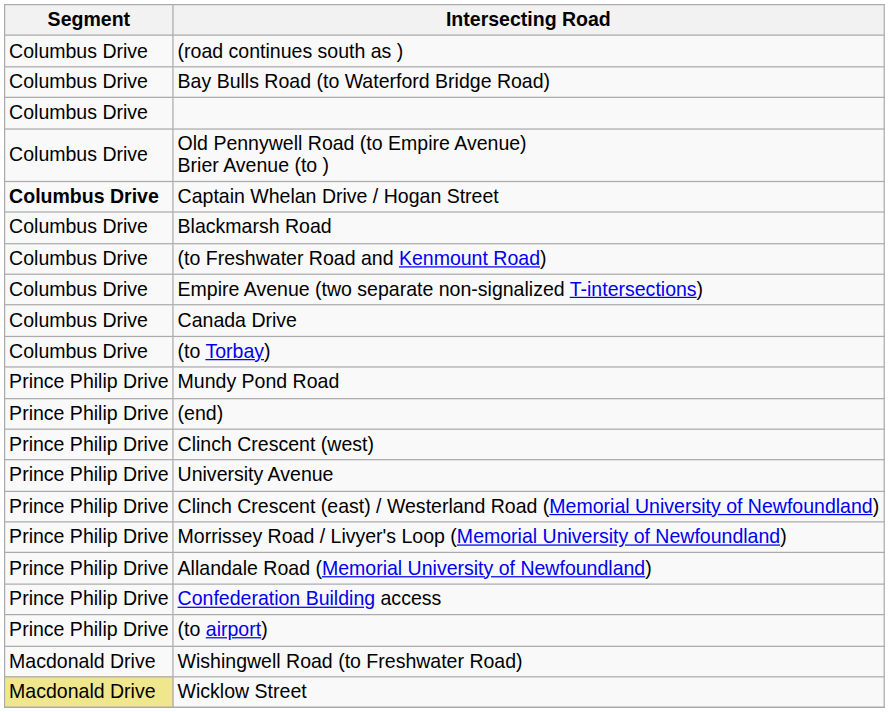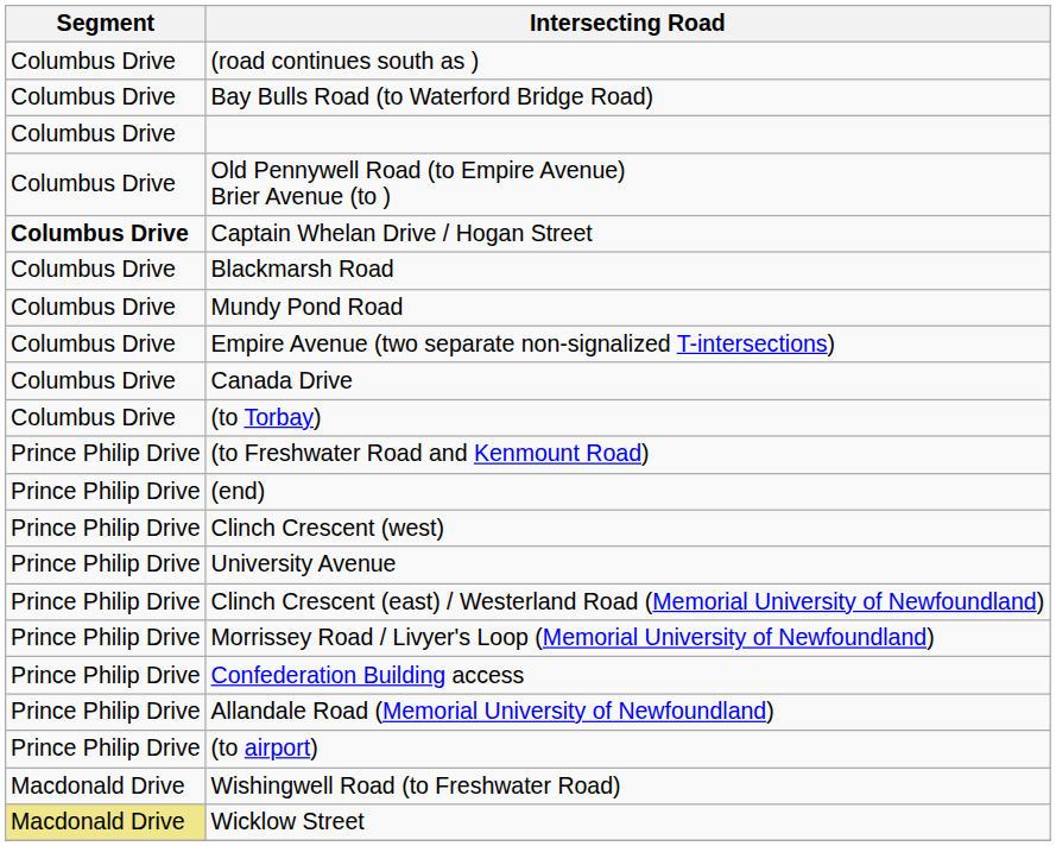 <table class="wikitable" border="1">
 <tr>
 <th>Segment</th>
 <th>Intersecting Road</th>
 </tr>
 <tr>
 <td>Columbus Drive</td>
 <td> (road continues south as )</td>
 </tr>
 <tr>
 <td>Columbus Drive</td>
 <td>Bay Bulls Road (to Waterford Bridge Road)</td>
 </tr>
 <tr>
 <td>Columbus Drive</td>
 <td></td>
 </tr>
 <tr>
 <td>Columbus Drive</td>
 <td>Old Pennywell Road (to Empire Avenue)<br>Brier Avenue (to )</td>
 </tr>
 <tr>
 <td><strong>Columbus Drive</strong></td>
 <td>Captain Whelan Drive / Hogan Street</td>
 </tr>
 <tr>
 <td>Columbus Drive</td>
 <td>Blackmarsh Road</td>
 </tr>
 <tr>
 <td>Columbus Drive</td>
-<td> (to Freshwater Road and <a href='#'>Kenmount Road</a>)</td>
+<td>Mundy Pond Road</td>
 </tr>
 <tr>
 <td>Columbus Drive</td>
 <td>Empire Avenue (two separate non-signalized <a href='#'>T-intersections</a>)</td>
 </tr>
 <tr>
 <td>Columbus Drive</td>
 <td>Canada Drive</td>
 </tr>
 <tr>
 <td>Columbus Drive</td>
 <td> (to <a href='#'>Torbay</a>)</td>
 </tr>
 <tr>
 <td>Prince Philip Drive</td>
-<td>Mundy Pond Road</td>
+<td> (to Freshwater Road and <a href='#'>Kenmount Road</a>)</td>
 </tr>
 <tr>
 <td>Prince Philip Drive</td>
 <td> (end)</td>
 </tr>
 <tr>
 <td>Prince Philip Drive</td>
 <td>Clinch Crescent (west)</td>
 </tr>
 <tr>
 <td>Prince Philip Drive</td>
 <td>University Avenue</td>
 </tr>
 <tr>
 <td>Prince Philip Drive</td>
 <td>Clinch Crescent (east) / Westerland Road (<a href='#'>Memorial University of Newfoundland</a>)</td>
 </tr>
 <tr>
 <td>Prince Philip Drive</td>
 <td>Morrissey Road / Livyer's Loop (<a href='#'>Memorial University of Newfoundland</a>)</td>
 </tr>
 <tr>
 <td>Prince Philip Drive</td>
-<td>Allandale Road (<a href='#'>Memorial University of Newfoundland</a>)</td>
+<td><a href='#'>Confederation Building</a> access</td>
 </tr>
 <tr>
 <td>Prince Philip Drive</td>
-<td><a href='#'>Confederation Building</a> access</td>
+<td>Allandale Road (<a href='#'>Memorial University of Newfoundland</a>)</td>
 </tr>
 <tr>
 <td>Prince Philip Drive</td>
 <td> (to <a href='#'>airport</a>)</td>
 </tr>
 <tr>
 <td>Macdonald Drive</td>
 <td>Wishingwell Road (to Freshwater Road)</td>
 </tr>
 <tr>
 <td style="background: khaki;">Macdonald Drive</td>
 <td>Wicklow Street</td>
 </tr>
 <tr>
 </tr>
 </table>
